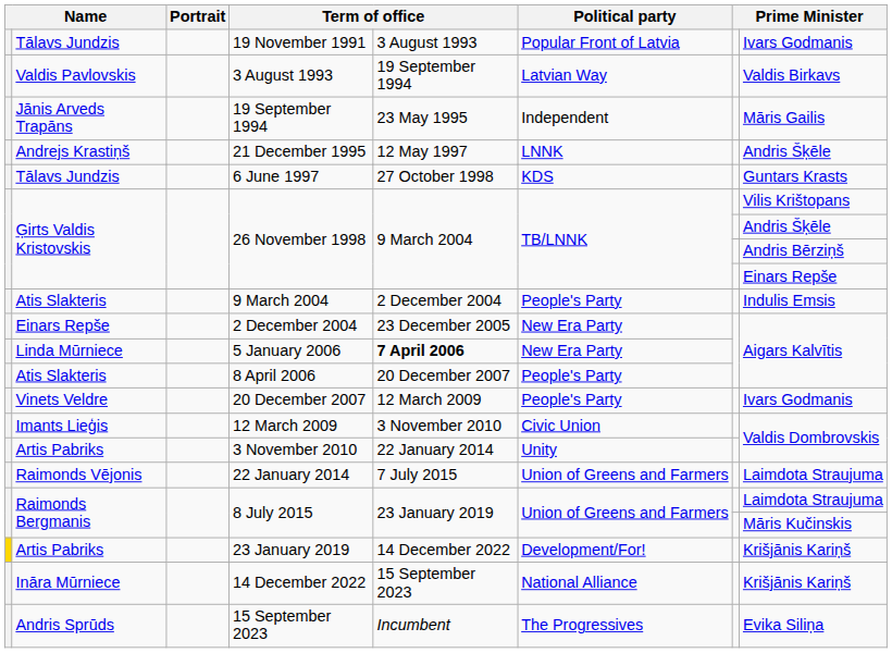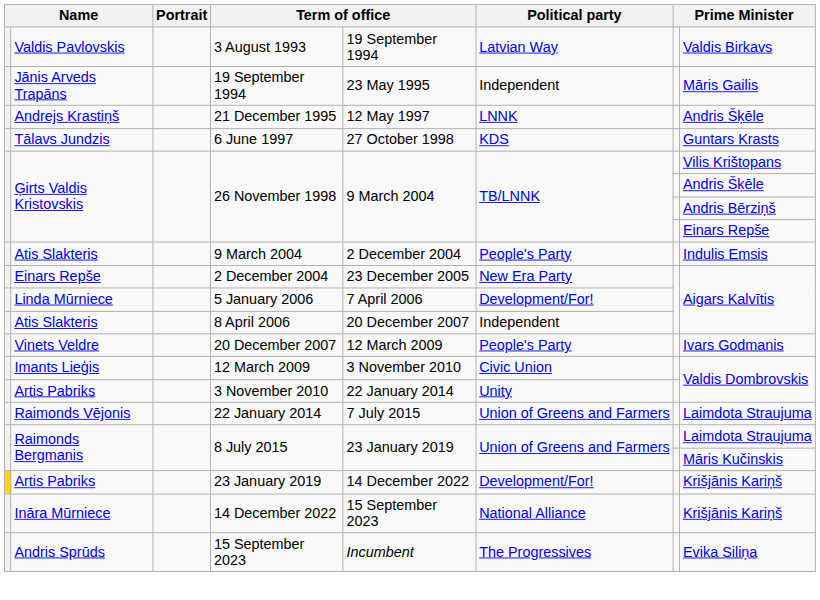 <table class="wikitable">
 <tr>
 <th colspan=2>Name</th>
 <th>Portrait</th>
 <th colspan=2>Term of office</th>
 <th>Political party</th>
 <th colspan=2>Prime Minister</th>
-</tr>
-<tr>
-<th style="background-color: "></th>
-<td width=150><a href='#'>Tālavs Jundzis</a></td>
-<td></td>
-<td width=140>19 November 1991</td>
-<td width=140>3 August 1993</td>
-<td><a href='#'>Popular Front of Latvia</a></td>
-<td style="background-color: "></td>
-<td><a href='#'>Ivars Godmanis</a></td>
 </tr>
 <tr>
 <th style="background-color: "></th>
 <td width=150><a href='#'>Valdis Pavlovskis</a></td>
 <td></td>
 <td width=140>3 August 1993</td>
 <td width=140>19 September 1994</td>
 <td><a href='#'>Latvian Way</a></td>
 <td style="background-color: "></td>
 <td><a href='#'>Valdis Birkavs</a></td>
 </tr>
 <tr>
 <th style="background-color: "></th>
 <td width=150><a href='#'>Jānis Arveds Trapāns</a></td>
 <td></td>
 <td width=140>19 September 1994</td>
 <td width=140>23 May 1995</td>
 <td>Independent</td>
 <td style="background-color: "></td>
 <td><a href='#'>Māris Gailis</a></td>
 </tr>
 <tr>
 <th style="background-color: "></th>
 <td width=150><a href='#'>Andrejs Krastiņš</a></td>
 <td></td>
 <td width=140>21 December 1995</td>
 <td width=140>12 May 1997</td>
 <td><a href='#'>LNNK</a></td>
 <td rowspan="2" style="background-color: "></td>
 <td rowspan="2"><a href='#'>Andris Šķēle</a></td>
 </tr>
 <tr>
 <th rowspan="2" style="background-color: "></th>
 <td rowspan="2" width=150><a href='#'>Tālavs Jundzis</a></td>
 <td rowspan="2"></td>
 <td rowspan="2" width=140>6 June 1997</td>
 <td rowspan="2" width=140>27 October 1998</td>
 <td rowspan="2"><a href='#'>KDS</a></td>
 </tr>
 <tr>
 <td style="background-color: "></td>
 <td><a href='#'>Guntars Krasts</a></td>
 </tr>
 <tr>
 <th rowspan="4" style="background-color: "></th>
 <td rowspan="4" width=150><a href='#'>Ģirts Valdis Kristovskis</a></td>
 <td rowspan="4"></td>
 <td rowspan="4" width=140>26 November 1998</td>
 <td rowspan="4" width=140>9 March 2004</td>
 <td rowspan="4"><a href='#'>TB/LNNK</a></td>
 <td style="background-color: "></td>
 <td><a href='#'>Vilis Krištopans</a></td>
 </tr>
 <tr>
 <td style="background-color: "></td>
 <td><a href='#'>Andris Šķēle</a></td>
 </tr>
 <tr>
 <td style="background-color: "></td>
 <td><a href='#'>Andris Bērziņš</a></td>
 </tr>
 <tr>
 <td style="background-color: "></td>
 <td><a href='#'>Einars Repše</a></td>
 </tr>
 <tr>
 <th style="background-color: "></th>
 <td width=150><a href='#'>Atis Slakteris</a></td>
 <td></td>
 <td width=140>9 March 2004</td>
 <td width=140>2 December 2004</td>
 <td><a href='#'>People's Party</a></td>
 <td style="background-color: "></td>
 <td><a href='#'>Indulis Emsis</a></td>
 </tr>
 <tr>
 <th style="background-color: "></th>
 <td width=150><a href='#'>Einars Repše</a></td>
 <td></td>
 <td width=140>2 December 2004</td>
 <td width=140>23 December 2005</td>
 <td><a href='#'>New Era Party</a></td>
 <td rowspan="3" style="background-color: "></td>
 <td rowspan="3"><a href='#'>Aigars Kalvītis</a></td>
 </tr>
 <tr>
 <th style="background-color: "></th>
 <td width=150><a href='#'>Linda Mūrniece</a></td>
 <td></td>
 <td width=140>5 January 2006</td>
-<td width=140><strong>7 April 2006</strong></td>
-<td><a href='#'>New Era Party</a></td>
+<td width=140>7 April 2006</td>
+<td><a href='#'>Development/For!</a></td>
 </tr>
 <tr>
 <th style="background-color: "></th>
 <td width=150><a href='#'>Atis Slakteris</a></td>
 <td></td>
 <td width=140>8 April 2006</td>
 <td width=140>20 December 2007</td>
-<td><a href='#'>People's Party</a></td>
+<td>Independent</td>
 </tr>
 <tr>
 <th style="background-color: "></th>
 <td width=150><a href='#'>Vinets Veldre</a></td>
 <td></td>
 <td width=140>20 December 2007</td>
 <td width=140>12 March 2009</td>
 <td><a href='#'>People's Party</a></td>
 <td style="background-color: "></td>
 <td><a href='#'>Ivars Godmanis</a></td>
 </tr>
 <tr>
 <th style="background-color: "></th>
 <td width=150><a href='#'>Imants Lieģis</a></td>
 <td></td>
 <td width=140>12 March 2009</td>
 <td width=140>3 November 2010</td>
 <td><a href='#'>Civic Union</a></td>
 <td style="background-color: "></td>
 <td rowspan="2"><a href='#'>Valdis Dombrovskis</a></td>
 </tr>
 <tr>
 <th style="background-color: "></th>
 <td width=150><a href='#'>Artis Pabriks</a></td>
 <td></td>
 <td width=140>3 November 2010</td>
 <td width=140>22 January 2014</td>
 <td><a href='#'>Unity</a></td>
 <td style="background-color: "></td>
 </tr>
 <tr>
 <th style="background-color: "></th>
 <td width=150><a href='#'>Raimonds Vējonis</a></td>
 <td></td>
 <td width=140>22 January 2014</td>
 <td width=140>7 July 2015</td>
 <td><a href='#'>Union of Greens and Farmers</a></td>
 <td style="background-color: "></td>
 <td><a href='#'>Laimdota Straujuma</a></td>
 </tr>
 <tr>
 <th rowspan="2" style="background-color: "></th>
 <td rowspan="2" width=150><a href='#'>Raimonds Bergmanis</a></td>
 <td rowspan="2"></td>
 <td rowspan="2" width=140>8 July 2015</td>
 <td rowspan="2" width=140>23 January 2019</td>
 <td rowspan="2"><a href='#'>Union of Greens and Farmers</a></td>
 <td style="background-color: "></td>
 <td><a href='#'>Laimdota Straujuma</a></td>
 </tr>
 <tr>
 <td style="background-color: "></td>
 <td><a href='#'>Māris Kučinskis</a></td>
 </tr>
 <tr>
 <th style="background-color: #FFD700"></th>
 <td width=150><a href='#'>Artis Pabriks</a></td>
 <td></td>
 <td width=140>23 January 2019</td>
 <td width=140>14 December 2022</td>
 <td><a href='#'>Development/For!</a></td>
 <td style="background-color: "></td>
 <td><a href='#'>Krišjānis Kariņš</a></td>
 </tr>
 <tr>
 <th style="background-color: "></th>
 <td width=150><a href='#'>Ināra Mūrniece</a></td>
 <td></td>
 <td width=140>14 December 2022</td>
 <td width=140>15 September 2023</td>
 <td><a href='#'>National Alliance</a></td>
 <td style="background-color: "></td>
 <td><a href='#'>Krišjānis Kariņš</a></td>
 </tr>
 <tr>
 <th style="background-color: "></th>
 <td width=150><a href='#'>Andris Sprūds</a></td>
 <td></td>
 <td width=140>15 September 2023</td>
 <td width=140><em>Incumbent</em></td>
 <td><a href='#'>The Progressives</a></td>
 <td style="background-color: "></td>
 <td><a href='#'>Evika Siliņa</a></td>
 </tr>
 </table>
